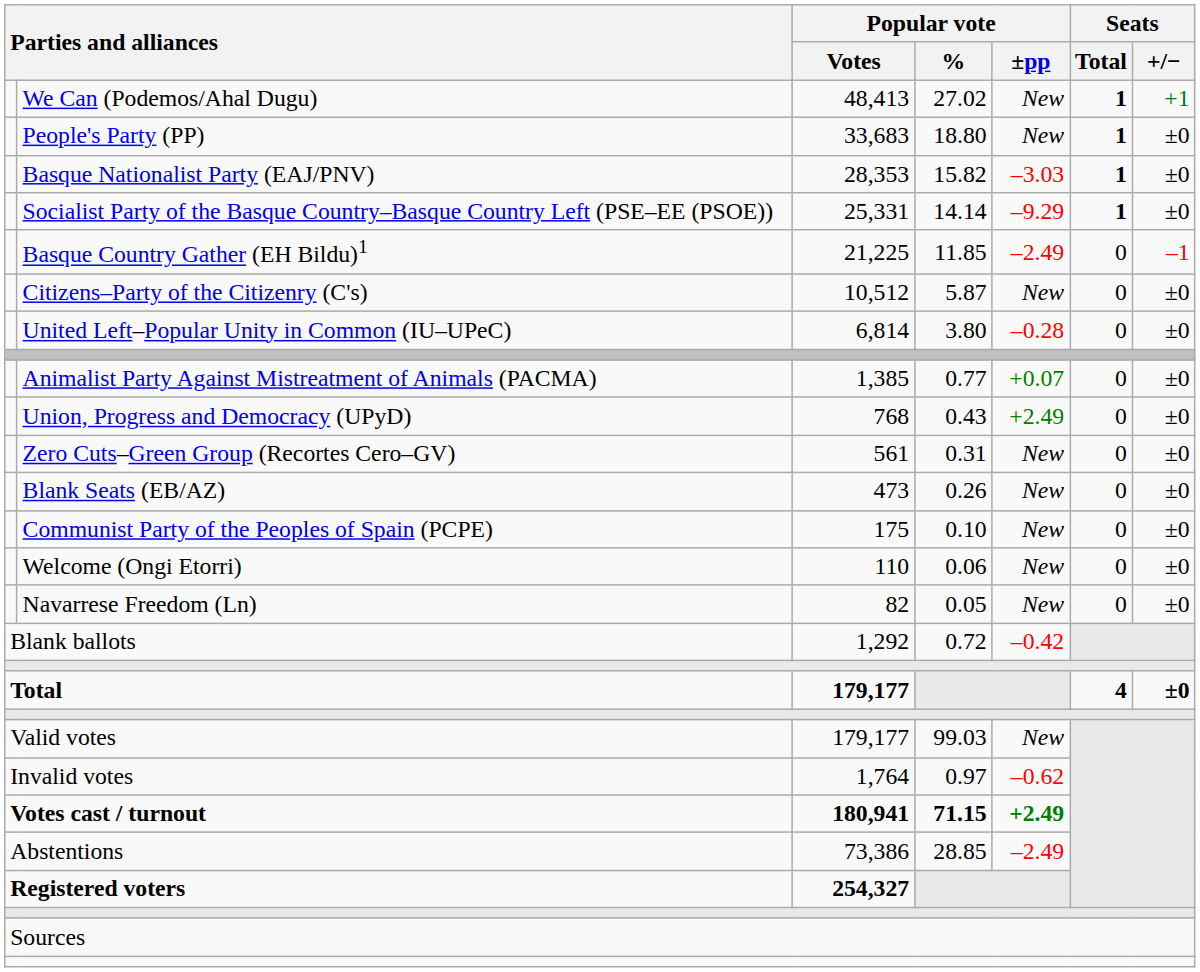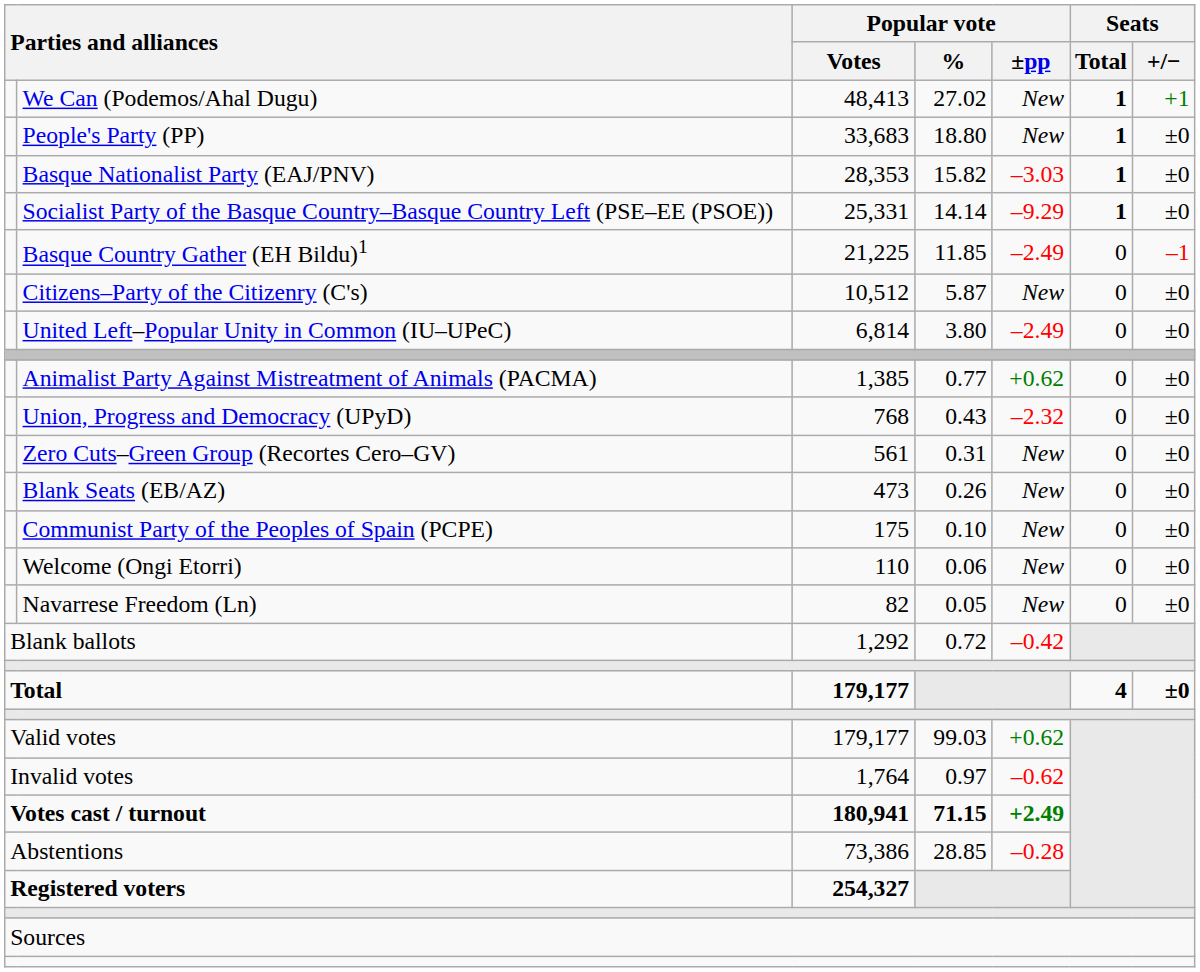 <table class="wikitable" style="text-align:right;">
 <tr>
 <th style="text-align:left;" rowspan="2" colspan="2" width="525">Parties and alliances</th>
 <th colspan="3">Popular vote</th>
 <th colspan="2">Seats</th>
 </tr>
 <tr>
 <th width="75">Votes</th>
 <th width="45">%</th>
 <th width="45">±<a href='#'>pp</a></th>
 <th width="35">Total</th>
 <th width="35">+/−</th>
 </tr>
 <tr>
 <td width="1" style="color:inherit;background:"></td>
 <td align="left"><a href='#'>We Can</a> (Podemos/Ahal Dugu)</td>
 <td>48,413</td>
 <td>27.02</td>
 <td><em>New</em></td>
 <td><strong>1</strong></td>
 <td style="color:green;">+1</td>
 </tr>
 <tr>
 <td style="color:inherit;background:"></td>
 <td align="left"><a href='#'>People's Party</a> (PP)</td>
 <td>33,683</td>
 <td>18.80</td>
 <td><em>New</em></td>
 <td><strong>1</strong></td>
 <td>±0</td>
 </tr>
 <tr>
 <td style="color:inherit;background:"></td>
 <td align="left"><a href='#'>Basque Nationalist Party</a> (EAJ/PNV)</td>
 <td>28,353</td>
 <td>15.82</td>
 <td style="color:red;">–3.03</td>
 <td><strong>1</strong></td>
 <td>±0</td>
 </tr>
 <tr>
 <td style="color:inherit;background:"></td>
 <td align="left"><a href='#'>Socialist Party of the Basque Country–Basque Country Left</a> (PSE–EE (PSOE))</td>
 <td>25,331</td>
 <td>14.14</td>
 <td style="color:red;">–9.29</td>
 <td><strong>1</strong></td>
 <td>±0</td>
 </tr>
 <tr>
 <td style="color:inherit;background:"></td>
 <td align="left"><a href='#'>Basque Country Gather</a> (EH Bildu)<sup>1</sup></td>
 <td>21,225</td>
 <td>11.85</td>
 <td style="color:red;">–2.49</td>
 <td>0</td>
 <td style="color:red;">–1</td>
 </tr>
 <tr>
 <td style="color:inherit;background:"></td>
 <td align="left"><a href='#'>Citizens–Party of the Citizenry</a> (C's)</td>
 <td>10,512</td>
 <td>5.87</td>
 <td><em>New</em></td>
 <td>0</td>
 <td>±0</td>
 </tr>
 <tr>
 <td style="color:inherit;background:"></td>
 <td align="left"><a href='#'>United Left</a>–<a href='#'>Popular Unity in Common</a> (IU–UPeC)</td>
 <td>6,814</td>
 <td>3.80</td>
-<td style="color:red;">–0.28</td>
+<td style="color:red;">–2.49</td>
 <td>0</td>
 <td>±0</td>
 </tr>
 <tr>
 <td colspan="7" bgcolor="#C0C0C0"></td>
 </tr>
 <tr>
 <td style="color:inherit;background:"></td>
 <td align="left"><a href='#'>Animalist Party Against Mistreatment of Animals</a> (PACMA)</td>
 <td>1,385</td>
 <td>0.77</td>
-<td style="color:green;">+0.07</td>
+<td style="color:green;">+0.62</td>
 <td>0</td>
 <td>±0</td>
 </tr>
 <tr>
 <td style="color:inherit;background:"></td>
 <td align="left"><a href='#'>Union, Progress and Democracy</a> (UPyD)</td>
 <td>768</td>
 <td>0.43</td>
-<td style="color:green;">+2.49</td>
+<td style="color:red;">–2.32</td>
 <td>0</td>
 <td>±0</td>
 </tr>
 <tr>
 <td style="color:inherit;background:"></td>
 <td align="left"><a href='#'>Zero Cuts</a>–<a href='#'>Green Group</a> (Recortes Cero–GV)</td>
 <td>561</td>
 <td>0.31</td>
 <td><em>New</em></td>
 <td>0</td>
 <td>±0</td>
 </tr>
 <tr>
 <td style="color:inherit;background:"></td>
 <td align="left"><a href='#'>Blank Seats</a> (EB/AZ)</td>
 <td>473</td>
 <td>0.26</td>
 <td><em>New</em></td>
 <td>0</td>
 <td>±0</td>
 </tr>
 <tr>
 <td style="color:inherit;background:"></td>
 <td align="left"><a href='#'>Communist Party of the Peoples of Spain</a> (PCPE)</td>
 <td>175</td>
 <td>0.10</td>
 <td><em>New</em></td>
 <td>0</td>
 <td>±0</td>
 </tr>
 <tr>
 <td style="color:inherit;background:"></td>
 <td align="left">Welcome (Ongi Etorri)</td>
 <td>110</td>
 <td>0.06</td>
 <td><em>New</em></td>
 <td>0</td>
 <td>±0</td>
 </tr>
 <tr>
 <td style="color:inherit;background:"></td>
 <td align="left">Navarrese Freedom (Ln)</td>
 <td>82</td>
 <td>0.05</td>
 <td><em>New</em></td>
 <td>0</td>
 <td>±0</td>
 </tr>
 <tr>
 <td align="left" colspan="2">Blank ballots</td>
 <td>1,292</td>
 <td>0.72</td>
 <td style="color:red;">–0.42</td>
 <td bgcolor="#E9E9E9" colspan="2"></td>
 </tr>
 <tr>
 <td colspan="7" bgcolor="#E9E9E9"></td>
 </tr>
 <tr style="font-weight:bold;">
 <td align="left" colspan="2">Total</td>
 <td>179,177</td>
 <td bgcolor="#E9E9E9" colspan="2"></td>
 <td>4</td>
 <td>±0</td>
 </tr>
 <tr>
 <td colspan="7" bgcolor="#E9E9E9"></td>
 </tr>
 <tr>
 <td align="left" colspan="2">Valid votes</td>
 <td>179,177</td>
 <td>99.03</td>
-<td><em>New</em></td>
+<td style="color:green;">+0.62</td>
 <td bgcolor="#E9E9E9" colspan="2" rowspan="5"></td>
 </tr>
 <tr>
 <td align="left" colspan="2">Invalid votes</td>
 <td>1,764</td>
 <td>0.97</td>
 <td style="color:red;">–0.62</td>
 </tr>
 <tr style="font-weight:bold;">
 <td align="left" colspan="2">Votes cast / turnout</td>
 <td>180,941</td>
 <td>71.15</td>
 <td style="color:green;">+2.49</td>
 </tr>
 <tr>
 <td align="left" colspan="2">Abstentions</td>
 <td>73,386</td>
 <td>28.85</td>
-<td style="color:red;">–2.49</td>
+<td style="color:red;">–0.28</td>
 </tr>
 <tr style="font-weight:bold;">
 <td align="left" colspan="2">Registered voters</td>
 <td>254,327</td>
 <td bgcolor="#E9E9E9" colspan="2"></td>
 </tr>
 <tr>
 <td colspan="7" bgcolor="#E9E9E9"></td>
 </tr>
 <tr>
 <td align="left" colspan="7">Sources</td>
 </tr>
 <tr>
 <td colspan="7" style="text-align:left; max-width:790px;"></td>
 </tr>
 </table>
